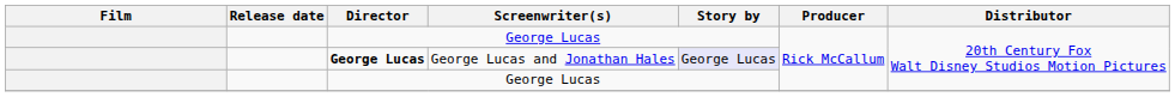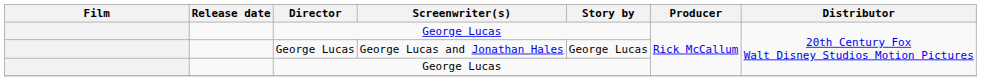 <table class="wikitable plainrowheaders" style="text-align:center">
 <tr>
 <th scope="col" width=19%>Film</th>
 <th scope="col">Release date</th>
 <th scope="col">Director</th>
 <th scope="col">Screenwriter(s)</th>
 <th scope="col">Story by</th>
 <th scope="col">Producer</th>
 <th scope="col">Distributor</th>
 </tr>
 <tr>
 <th scope="row"></th>
 <td style="text-align:left"></td>
 <td colspan="3"><a href='#'>George Lucas</a></td>
 <td rowspan="3"><a href='#'>Rick McCallum</a></td>
 <td rowspan="3"><a href='#'>20th Century Fox</a> <br><a href='#'>Walt Disney Studios Motion Pictures</a></td>
 </tr>
 <tr>
 <th scope="row"></th>
 <td style="text-align:left"></td>
-<td colspan="1"><strong>George Lucas</strong></td>
+<td colspan="1">George Lucas</td>
 <td colspan="1">George Lucas and <a href='#'>Jonathan Hales</a></td>
-<td colspan="1" style="background: lavender;">George Lucas</td>
+<td colspan="1">George Lucas</td>
 </tr>
 <tr>
 <th scope="row"></th>
 <td style="text-align:left"></td>
 <td colspan="3">George Lucas</td>
 </tr>
 <tr>
 </tr>
 </table>
